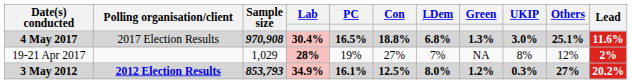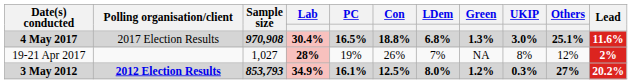 <table class="wikitable sortable" style="text-align:center;font-size:95%;line-height:14px">
 <tr>
 <th style="width:110px;" rowspan="2">Date(s)<br>conducted</th>
 <th style="width:190px;" rowspan="2">Polling organisation/client</th>
 <th style="width:45px;" rowspan="2">Sample size</th>
 <th style="width:50px;" class="unsortable"><a href='#'>Lab</a></th>
 <th style="width:50px;" class="unsortable"><a href='#'>PC</a></th>
 <th style="width:50px;" class="unsortable"><a href='#'>Con</a></th>
 <th style="width:50px;" class="unsortable"><a href='#'>LDem</a></th>
 <th style="width:50px;" class="unsortable"><a href='#'>Green</a></th>
 <th style="width:50px;" class="unsortable"><a href='#'>UKIP</a></th>
 <th style="width:50px;" class="unsortable"><a href='#'>Others</a></th>
 <th class="unsortable" style="width:20px;" rowspan="2">Lead</th>
 </tr>
 <tr>
 <th class="unsortable" style="color:inherit;background:"></th>
 <th class="unsortable" style="color:inherit;background:"></th>
 <th class="unsortable" style="color:inherit;background:"></th>
 <th class="unsortable" style="color:inherit;background:"></th>
 <th class="unsortable" style="color:inherit;background:"></th>
 <th class="unsortable" style="color:inherit;background:"></th>
 <th class="unsortable" style="color:inherit;background:"></th>
 </tr>
 <tr>
 <td style="background:#D5D5D5"><strong>4 May 2017</strong></td>
 <td style="background:#D5D5D5">2017 Election Results</td>
 <td style="background:#D5D5D5"><strong><em>970,908</em></strong></td>
 <td style="background:#F8C1BE"><strong>30.4%</strong></td>
 <td style="background:#D5D5D5"><strong>16.5%</strong></td>
 <td style="background:#D5D5D5"><strong>18.8%</strong></td>
 <td style="background:#D5D5D5"><strong>6.8%</strong></td>
 <td style="background:#D5D5D5"><strong>1.3%</strong></td>
 <td style="background:#D5D5D5"><strong>3.0%</strong></td>
 <td style="background:#D5D5D5"><strong>25.1%</strong></td>
 <td style="background:#dc241f; color:white;"><strong>11.6%</strong></td>
 </tr>
 <tr>
 <td>19-21 Apr 2017</td>
 <td></td>
-<td>1,029</td>
+<td>1,027</td>
 <td style="background:#F8C1BE"><strong>28%</strong></td>
 <td>19%</td>
-<td>27%</td>
+<td>26%</td>
 <td>7%</td>
 <td>NA</td>
 <td>8%</td>
 <td>12%</td>
 <td style="background:#dc241f; color:white;"><strong>2%</strong></td>
 </tr>
 <tr>
 <td style="background:#D5D5D5"><strong>3 May 2012</strong></td>
 <td style="background:#D5D5D5"><strong><a href='#'>2012 Election Results</a></strong></td>
 <td style="background:#D5D5D5"><strong><em>853,793</em></strong></td>
 <td style="background:#F8C1BE"><strong>34.9%</strong></td>
 <td style="background:#D5D5D5"><strong>16.1%</strong></td>
 <td style="background:#D5D5D5"><strong>12.5%</strong></td>
 <td style="background:#D5D5D5"><strong>8.0%</strong></td>
 <td style="background:#D5D5D5"><strong>1.2%</strong></td>
 <td style="background:#D5D5D5"><strong>0.3%</strong></td>
 <td style="background:#D5D5D5"><strong>27%</strong></td>
 <td style="background:#dc241f; color:white;"><strong>20.2%</strong></td>
 </tr>
 </table>
